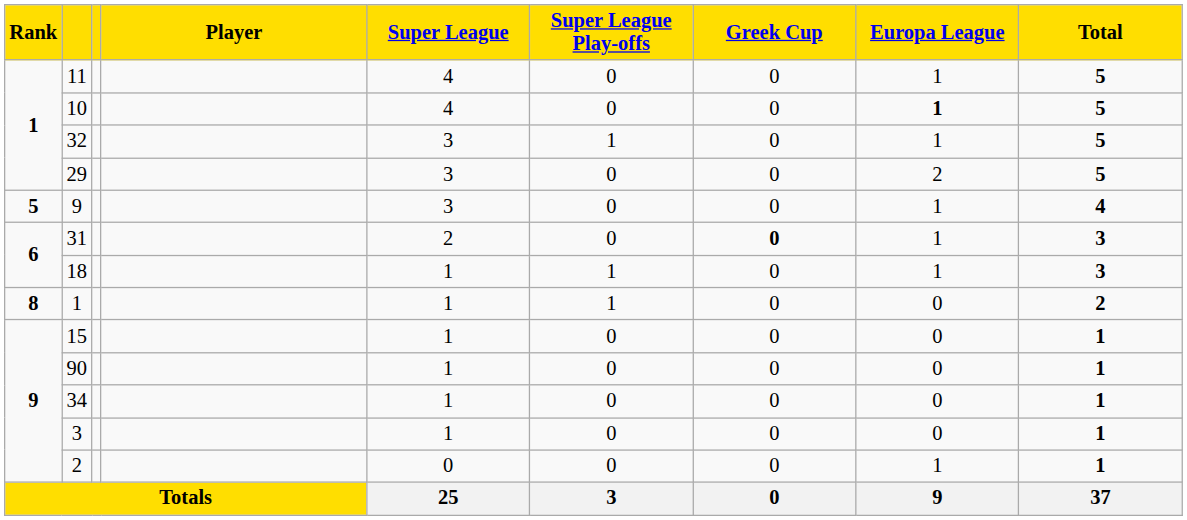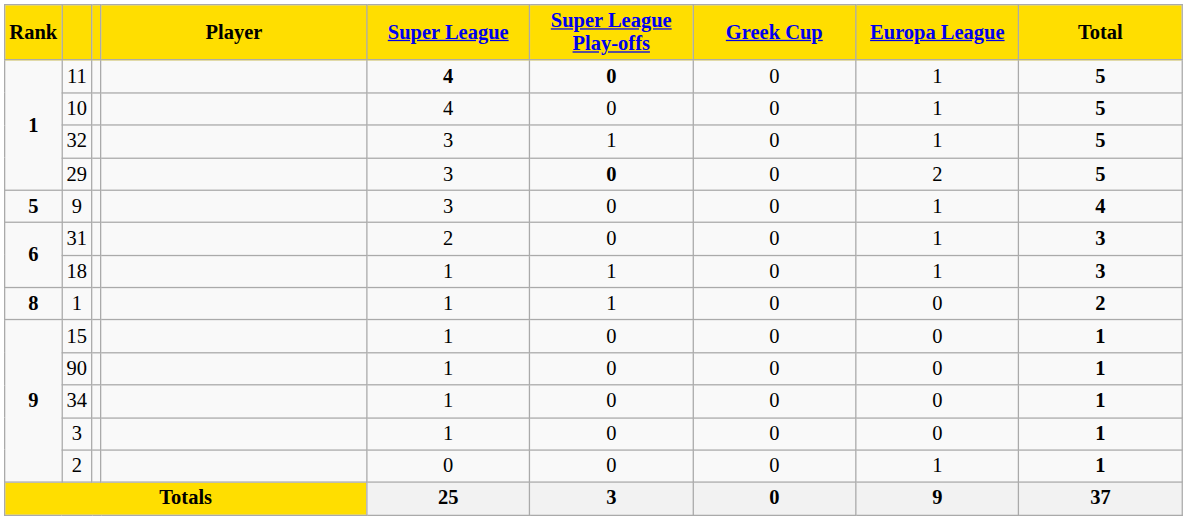 <table class="wikitable sortable" style="text-align: center">
 <tr>
 <th style="background:#FFDE00">Rank</th>
 <th style="background:#FFDE00"></th>
 <th style="background:#FFDE00"></th>
 <th width=200 style="background:#FFDE00">Player</th>
 <th width=120 style="background:#FFDE00"><a href='#'>Super League</a></th>
 <th width=120 style="background:#FFDE00"><a href='#'>Super League Play-offs</a></th>
 <th width=120 style="background:#FFDE00"><a href='#'>Greek Cup</a></th>
 <th width=120 style="background:#FFDE00"><a href='#'>Europa League</a></th>
 <th width=120 style="background:#FFDE00">Total</th>
 </tr>
 <tr>
 <td rowspan=4><strong>1</strong></td>
 <td>11</td>
 <td></td>
 <td align=left></td>
-<td>4</td>
-<td>0</td>
+<td><strong>4</strong></td>
+<td><strong>0</strong></td>
 <td>0</td>
 <td>1</td>
 <td><strong>5</strong></td>
 </tr>
 <tr>
 <td>10</td>
 <td></td>
 <td align=left></td>
 <td>4</td>
 <td>0</td>
 <td>0</td>
-<td><strong>1</strong></td>
+<td>1</td>
 <td><strong>5</strong></td>
 </tr>
 <tr>
 <td>32</td>
 <td></td>
 <td align=left></td>
 <td>3</td>
 <td>1</td>
 <td>0</td>
 <td>1</td>
 <td><strong>5</strong></td>
 </tr>
 <tr>
 <td>29</td>
 <td></td>
 <td align=left></td>
 <td>3</td>
-<td>0</td>
+<td><strong>0</strong></td>
 <td>0</td>
 <td>2</td>
 <td><strong>5</strong></td>
 </tr>
 <tr>
 <td><strong>5</strong></td>
 <td>9</td>
 <td></td>
 <td align=left></td>
 <td>3</td>
 <td>0</td>
 <td>0</td>
 <td>1</td>
 <td><strong>4</strong></td>
 </tr>
 <tr>
 <td rowspan=2><strong>6</strong></td>
 <td>31</td>
 <td></td>
 <td align=left></td>
 <td>2</td>
 <td>0</td>
-<td><strong>0</strong></td>
+<td>0</td>
 <td>1</td>
 <td><strong>3</strong></td>
 </tr>
 <tr>
 <td>18</td>
 <td></td>
 <td align=left></td>
 <td>1</td>
 <td>1</td>
 <td>0</td>
 <td>1</td>
 <td><strong>3</strong></td>
 </tr>
 <tr>
 <td><strong>8</strong></td>
 <td>1</td>
 <td></td>
 <td align=left></td>
 <td>1</td>
 <td>1</td>
 <td>0</td>
 <td>0</td>
 <td><strong>2</strong></td>
 </tr>
 <tr>
 <td rowspan=5><strong>9</strong></td>
 <td>15</td>
 <td></td>
 <td align=left></td>
 <td>1</td>
 <td>0</td>
 <td>0</td>
 <td>0</td>
 <td><strong>1</strong></td>
 </tr>
 <tr>
 <td>90</td>
 <td></td>
 <td align=left></td>
 <td>1</td>
 <td>0</td>
 <td>0</td>
 <td>0</td>
 <td><strong>1</strong></td>
 </tr>
 <tr>
 <td>34</td>
 <td></td>
 <td align=left></td>
 <td>1</td>
 <td>0</td>
 <td>0</td>
 <td>0</td>
 <td><strong>1</strong></td>
 </tr>
 <tr>
 <td>3</td>
 <td></td>
 <td align=left></td>
 <td>1</td>
 <td>0</td>
 <td>0</td>
 <td>0</td>
 <td><strong>1</strong></td>
 </tr>
 <tr>
 <td>2</td>
 <td></td>
 <td align=left></td>
 <td>0</td>
 <td>0</td>
 <td>0</td>
 <td>1</td>
 <td><strong>1</strong></td>
 </tr>
 <tr class="sortbottom">
 <th colspan=4 style="background:#FFDE00"><strong>Totals</strong></th>
 <th><strong>25</strong></th>
 <th><strong> 3</strong></th>
 <th><strong> 0</strong></th>
 <th><strong> 9</strong></th>
 <th><strong>37</strong></th>
 </tr>
 </table>
